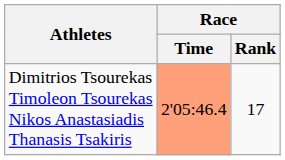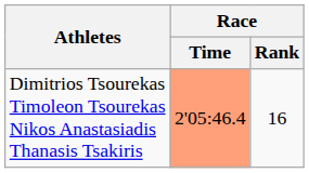 <table class="wikitable" border="1" style="font-size:90%">
 <tr>
 <th rowspan=2>Athletes</th>
 <th colspan=2>Race</th>
 </tr>
 <tr>
 <th>Time</th>
 <th>Rank</th>
 </tr>
 <tr>
 <td>Dimitrios Tsourekas<br><a href='#'>Timoleon Tsourekas</a><br><a href='#'>Nikos Anastasiadis</a><br><a href='#'>Thanasis Tsakiris</a></td>
 <td align=center style="background: lightsalmon;">2'05:46.4</td>
-<td align=center>17</td>
+<td align=center>16</td>
 </tr>
 </table>
